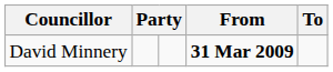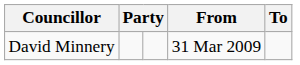 <table class=wikitable>
 <tr>
 <th>Councillor</th>
 <th colspan=2>Party</th>
 <th>From</th>
 <th>To</th>
 </tr>
 <tr>
 <td>David Minnery</td>
 <td></td>
 <td align=right></td>
-<td align=right><strong>31 Mar 2009</strong></td>
+<td align=right>31 Mar 2009</td>
 </tr>
 </table>
